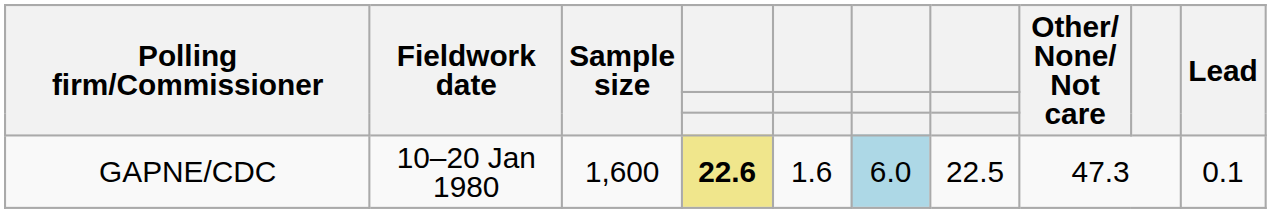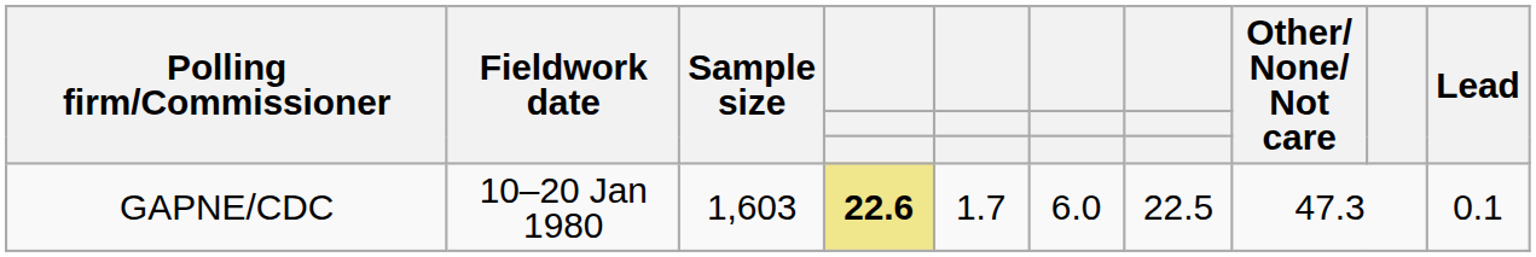 <table class="wikitable collapsible collapsed" style="text-align:center; font-size:90%; line-height:14px;">
 <tr style="height:42px;">
 <th style="width:250px;" rowspan="3">Polling firm/Commissioner</th>
 <th style="width:125px;" rowspan="3">Fieldwork date</th>
 <th style="width:50px;" rowspan="3">Sample size</th>
 <th style="width:55px;"></th>
 <th style="width:55px;"></th>
 <th style="width:55px;"></th>
 <th style="width:55px;"></th>
 <th style="width:55px;" rowspan="3">Other/<br>None/<br>Not<br>care</th>
 <th style="width:55px;" rowspan="3"></th>
 <th style="width:30px;" rowspan="3">Lead</th>
 </tr>
 <tr>
 <th style="color:inherit;background:"></th>
 <th style="color:inherit;background:"></th>
 <th style="color:inherit;background:"></th>
 <th style="color:inherit;background:"></th>
 </tr>
 <tr>
 <th></th>
 <th></th>
 <th></th>
 <th></th>
 </tr>
 <tr>
 <td>GAPNE/CDC</td>
 <td>10–20 Jan 1980</td>
-<td>1,600</td>
+<td>1,603</td>
 <td style="background: khaki;"><strong>22.6</strong></td>
-<td>1.6</td>
-<td style="background: lightblue;">6.0</td>
+<td>1.7</td>
+<td>6.0</td>
 <td>22.5</td>
 <td colspan="2">47.3</td>
 <td style="background:">0.1</td>
 </tr>
 </table>
